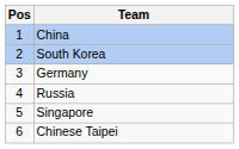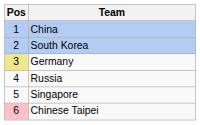 <table class="wikitable" style="font-size: 100%">
 <tr>
 <th width=15>Pos</th>
 <th width=250>Team</th>
 </tr>
 <tr align=center style="background: #b2ccf4;">
 <td>1</td>
 <td align="left"> China</td>
 </tr>
 <tr align=center style="background: #b2ccf4;">
 <td>2</td>
 <td align="left"> South Korea</td>
 </tr>
 <tr align=center>
-<td>3</td>
+<td style="background: khaki;">3</td>
 <td align="left"> Germany</td>
 </tr>
 <tr align=center>
 <td>4</td>
 <td align="left"> Russia</td>
 </tr>
 <tr align=center>
 <td>5</td>
 <td align="left"> Singapore</td>
 </tr>
 <tr align=center>
-<td>6</td>
+<td style="background: pink;">6</td>
 <td align="left"> Chinese Taipei</td>
 </tr>
 </table>
